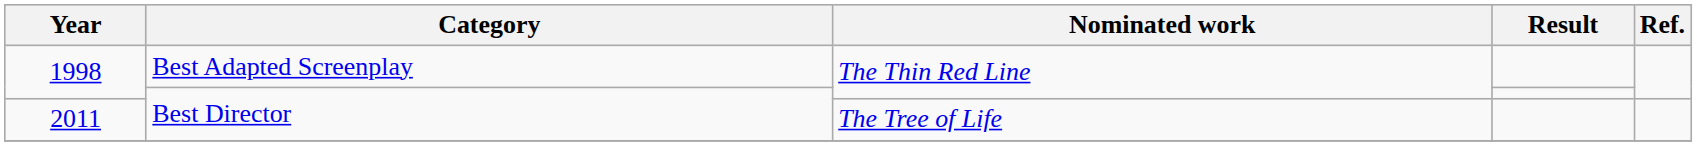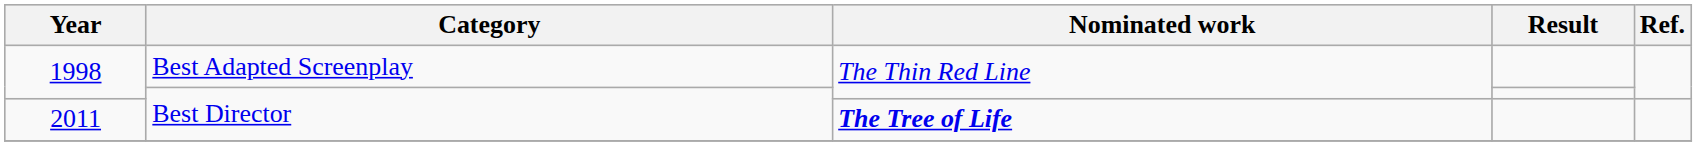 <table class=wikitable>
 <tr>
 <th scope="col" style="width:5em;">Year</th>
 <th scope="col" style="width:26em;">Category</th>
 <th scope="col" style="width:25em;">Nominated work</th>
 <th scope="col" style="width:5em;">Result</th>
 <th>Ref.</th>
 </tr>
 <tr>
 <td style="text-align:center;", rowspan=2><a href='#'>1998</a></td>
 <td><a href='#'>Best Adapted Screenplay</a></td>
 <td rowspan=2><em><a href='#'>The Thin Red Line</a></em></td>
 <td></td>
 <td rowspan=2 style="text-align: center;"></td>
 </tr>
 <tr>
 <td rowspan="2"><a href='#'>Best Director</a></td>
 <td></td>
 </tr>
 <tr>
 <td style="text-align:center;"><a href='#'>2011</a></td>
-<td><em><a href='#'>The Tree of Life</a></em></td>
+<td><strong><em><a href='#'>The Tree of Life</a></em></strong></td>
 <td></td>
 <td style="text-align: center;"></td>
 </tr>
 <tr>
 </tr>
 </table>
